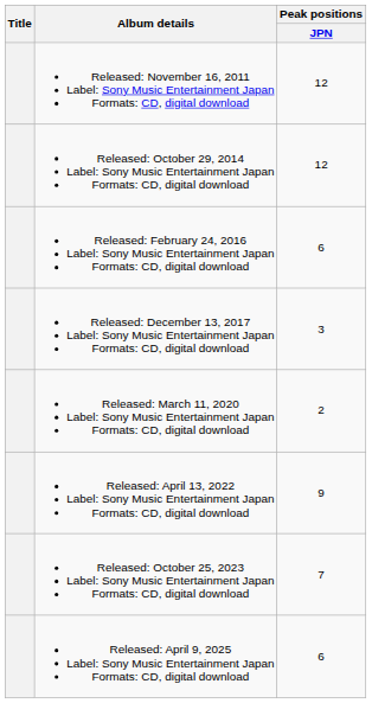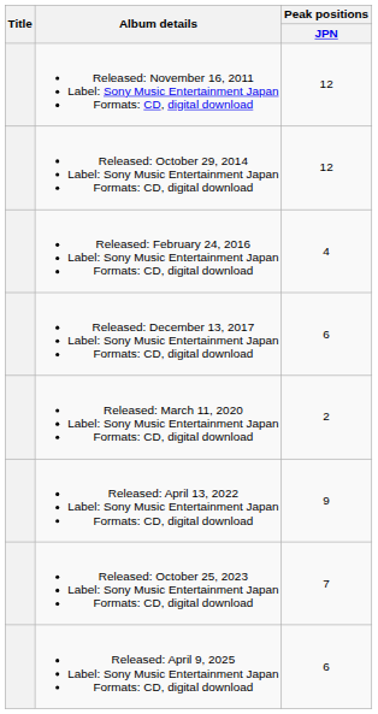 <table class="wikitable plainrowheaders" style="text-align:center;">
 <tr>
 <th scope="col" rowspan="2">Title</th>
 <th scope="col" rowspan="2">Album details</th>
 <th scope="col" colspan="1">Peak positions</th>
 </tr>
 <tr>
 <th scope="col"><a href='#'>JPN</a><br></th>
 </tr>
 <tr>
 <th scope="row"></th>
 <td><br><ul><li>Released: November 16, 2011</li><li>Label: <a href='#'>Sony Music Entertainment Japan</a></li><li>Formats: <a href='#'>CD</a>, <a href='#'>digital download</a></li></ul></td>
 <td align="center">12</td>
 </tr>
 <tr>
 <th scope="row"></th>
 <td><br><ul><li>Released: October 29, 2014</li><li>Label: Sony Music Entertainment Japan</li><li>Formats: CD, digital download</li></ul></td>
 <td align="center">12</td>
 </tr>
 <tr>
 <th scope="row"></th>
 <td><br><ul><li>Released: February 24, 2016</li><li>Label: Sony Music Entertainment Japan</li><li>Formats: CD, digital download</li></ul></td>
-<td align="center">6</td>
+<td align="center">4</td>
 </tr>
 <tr>
 <th scope="row"></th>
 <td><br><ul><li>Released: December 13, 2017</li><li>Label: Sony Music Entertainment Japan</li><li>Formats: CD, digital download</li></ul></td>
-<td align="center">3</td>
+<td align="center">6</td>
 </tr>
 <tr>
 <th scope="row"></th>
 <td><br><ul><li>Released: March 11, 2020</li><li>Label: Sony Music Entertainment Japan</li><li>Formats: CD, digital download</li></ul></td>
 <td align="center">2</td>
 </tr>
 <tr>
 <th scope="row"></th>
 <td><br><ul><li>Released: April 13, 2022</li><li>Label: Sony Music Entertainment Japan</li><li>Formats: CD, digital download</li></ul></td>
 <td align="center">9</td>
 </tr>
 <tr>
 <th scope="row"></th>
 <td><br><ul><li>Released: October 25, 2023</li><li>Label: Sony Music Entertainment Japan</li><li>Formats: CD, digital download</li></ul></td>
 <td>7</td>
 </tr>
 <tr>
 <th scope="row"></th>
 <td><br><ul><li>Released: April 9, 2025</li><li>Label: Sony Music Entertainment Japan</li><li>Formats: CD, digital download</li></ul></td>
 <td>6</td>
 </tr>
 </table>
